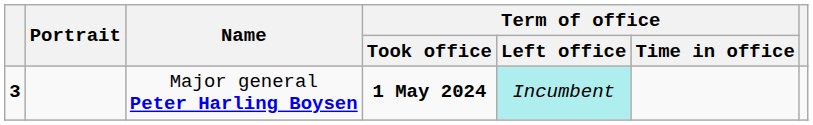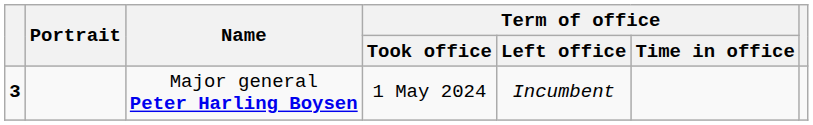 <table class="wikitable" style="text-align:center">
 <tr>
 <th rowspan=2></th>
 <th rowspan=2>Portrait</th>
 <th rowspan=2>Name<br></th>
 <th colspan=3>Term of office</th>
 <th rowspan=2></th>
 </tr>
 <tr>
 <th>Took office</th>
 <th>Left office</th>
 <th>Time in office<br>    </th>
 </tr>
 <tr>
 <td><strong>3</strong></td>
 <td></td>
 <td>Major general<br><strong><a href='#'>Peter Harling Boysen</a></strong><br></td>
-<td><strong>1 May 2024</strong></td>
-<td style="background: paleturquoise;"><em>Incumbent</em></td>
+<td>1 May 2024</td>
+<td><em>Incumbent</em></td>
 <td></td>
 <td></td>
 </tr>
 </table>
